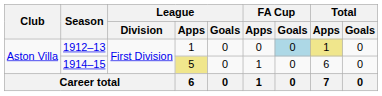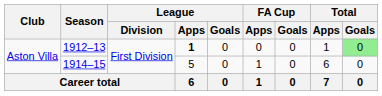 <table class="wikitable" style="text-align: center;">
 <tr>
 <th rowspan="2">Club</th>
 <th rowspan="2">Season</th>
 <th colspan="3">League</th>
 <th colspan="2">FA Cup</th>
 <th colspan="2">Total</th>
 </tr>
 <tr>
 <th>Division</th>
 <th>Apps</th>
 <th>Goals</th>
 <th>Apps</th>
 <th>Goals</th>
 <th>Apps</th>
 <th>Goals</th>
 </tr>
 <tr>
 <td rowspan="2"><a href='#'>Aston Villa</a></td>
 <td><a href='#'>1912–13</a></td>
 <td rowspan="2"><a href='#'>First Division</a></td>
-<td>1</td>
+<td><strong>1</strong></td>
 <td>0</td>
 <td>0</td>
-<td style="background: lightblue;">0</td>
-<td style="background: khaki;">1</td>
 <td>0</td>
+<td>1</td>
+<td style="background: lightgreen;">0</td>
 </tr>
 <tr>
 <td><a href='#'>1914–15</a></td>
-<td style="background: khaki;">5</td>
+<td>5</td>
 <td>0</td>
 <td>1</td>
 <td>0</td>
 <td>6</td>
 <td>0</td>
 </tr>
 <tr>
 <th colspan="3">Career total</th>
 <th>6</th>
 <th>0</th>
 <th>1</th>
 <th>0</th>
 <th>7</th>
 <th>0</th>
 </tr>
 </table>
